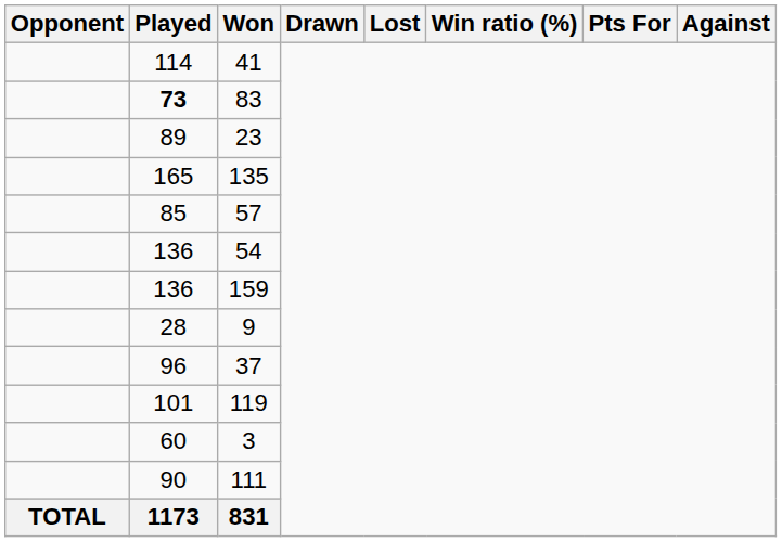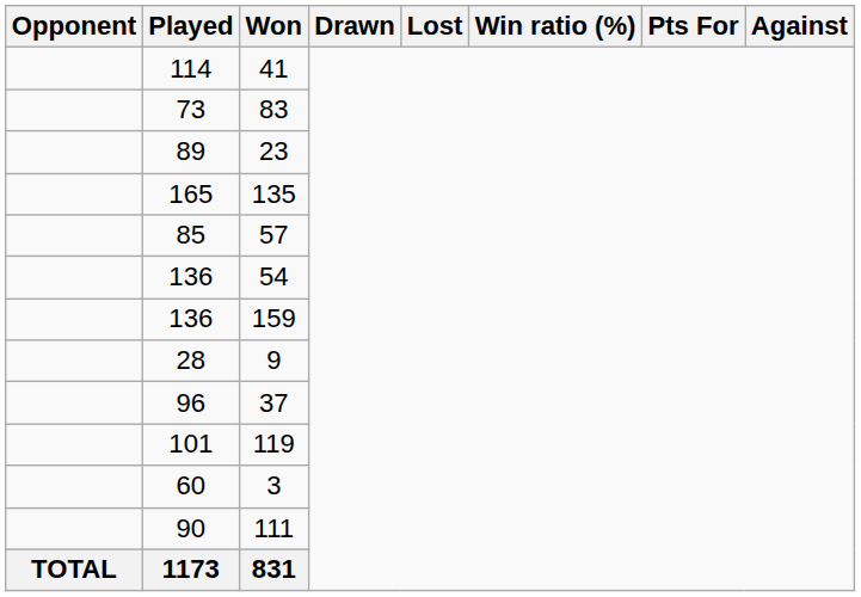 <table class="wikitable">
 <tr>
 <th>Opponent</th>
 <th>Played</th>
 <th>Won</th>
 <th>Drawn</th>
 <th>Lost</th>
 <th>Win ratio (%)</th>
 <th>Pts For</th>
 <th>Against</th>
 </tr>
 <tr align=center>
 <td align=left><br></td>
 <td>114</td>
 <td>41</td>
 </tr>
 <tr align=center>
 <td align=left><br></td>
-<td><strong>73</strong></td>
+<td>73</td>
 <td>83</td>
 </tr>
 <tr align=center>
 <td align=left><br></td>
 <td>89</td>
 <td>23</td>
 </tr>
 <tr align=center>
 <td align=left><br></td>
 <td>165</td>
 <td>135</td>
 </tr>
 <tr align=center>
 <td align=left><br></td>
 <td>85</td>
 <td>57</td>
 </tr>
 <tr align=center>
 <td align=left><br></td>
 <td>136</td>
 <td>54</td>
 </tr>
 <tr align=center>
 <td align=left><br></td>
 <td>136</td>
 <td>159</td>
 </tr>
 <tr align=center>
 <td align=left><br></td>
 <td>28</td>
 <td>9</td>
 </tr>
 <tr align=center>
 <td align=left><br></td>
 <td>96</td>
 <td>37</td>
 </tr>
 <tr align=center>
 <td align=left><br></td>
 <td>101</td>
 <td>119</td>
 </tr>
 <tr align=center>
 <td align=left><br></td>
 <td>60</td>
 <td>3</td>
 </tr>
 <tr align=center>
 <td align=left><br></td>
 <td>90</td>
 <td>111</td>
 </tr>
 <tr align=center>
 <th>TOTAL<br></th>
 <th>1173</th>
 <th>831</th>
 </tr>
 </table>
